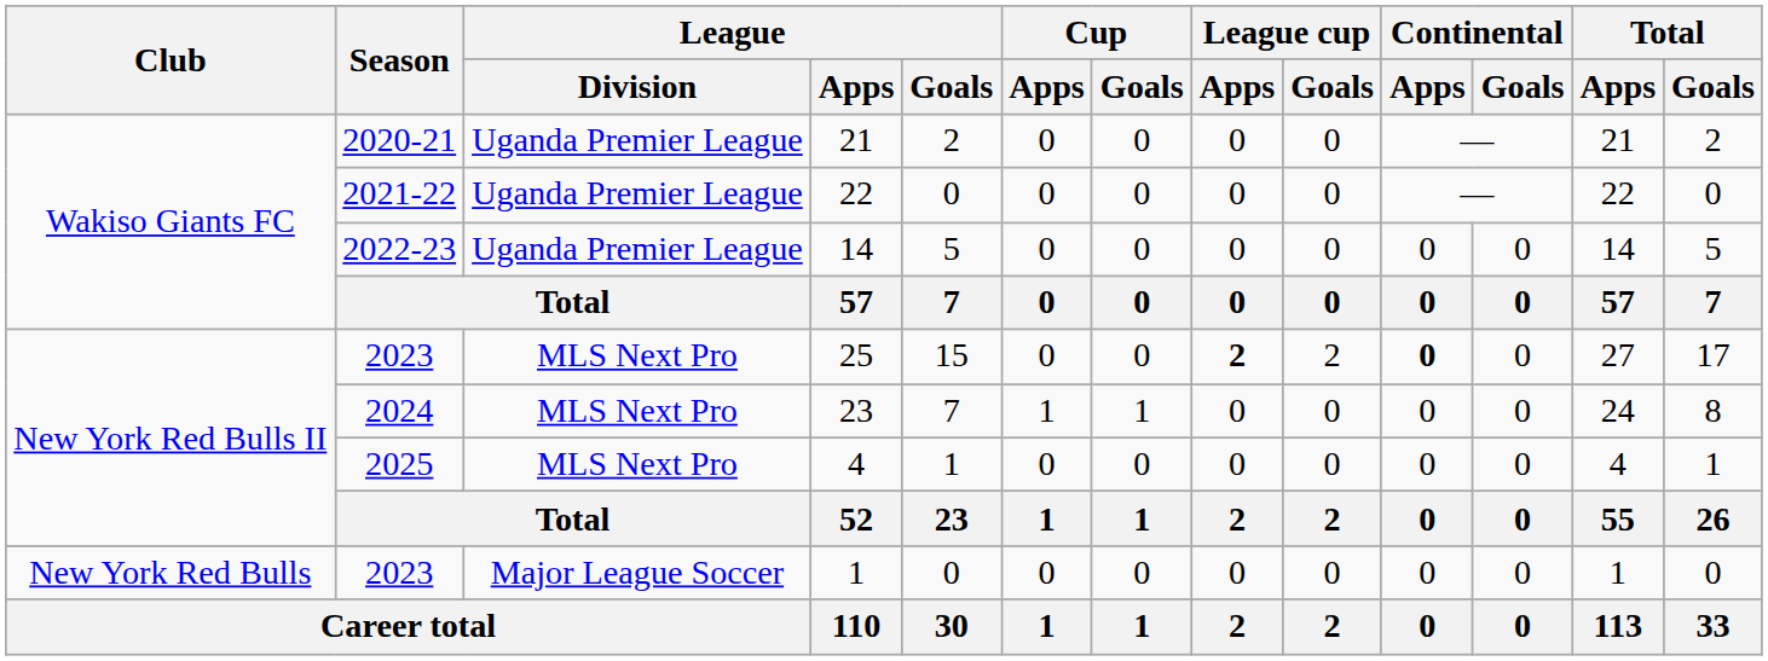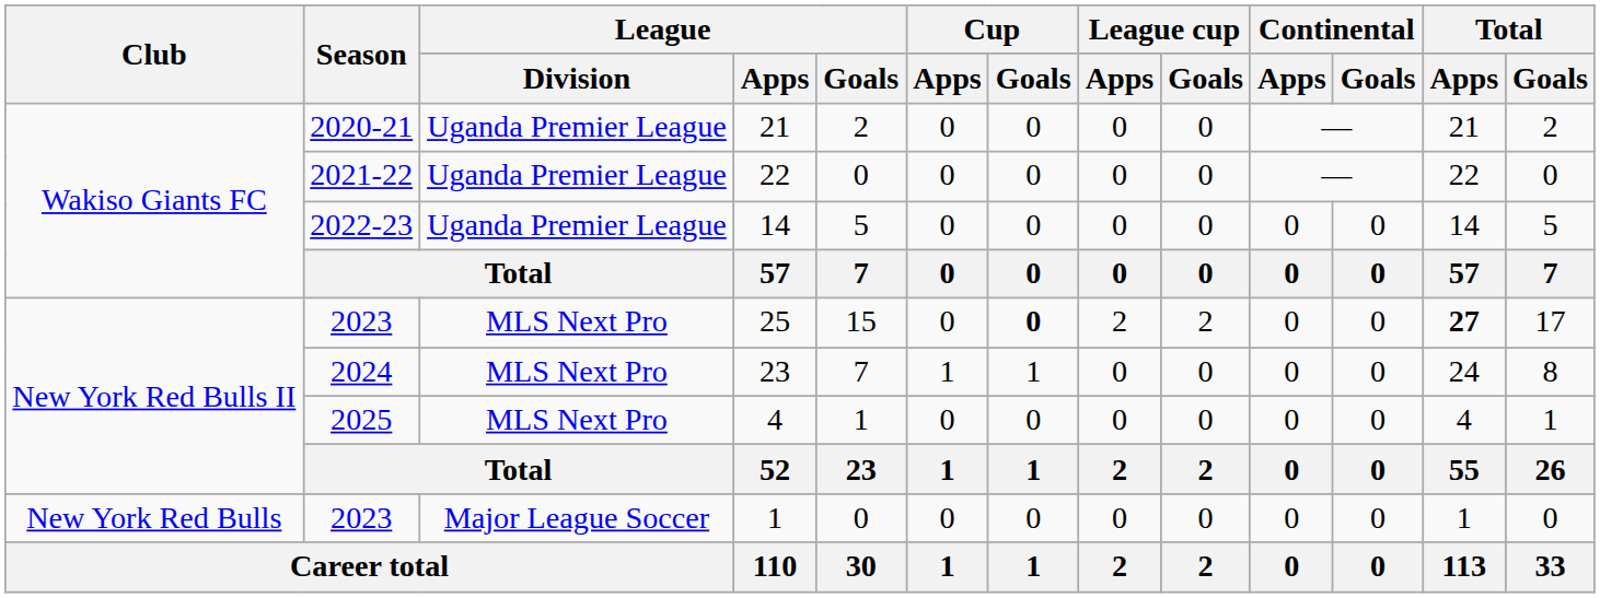 <table class=wikitable style=text-align:center>
 <tr>
 <th rowspan=2>Club</th>
 <th rowspan=2>Season</th>
 <th colspan=3>League</th>
 <th colspan=2>Cup</th>
 <th colspan=2>League cup</th>
 <th colspan=2>Continental</th>
 <th colspan=2>Total</th>
 </tr>
 <tr>
 <th>Division</th>
 <th>Apps</th>
 <th>Goals</th>
 <th>Apps</th>
 <th>Goals</th>
 <th>Apps</th>
 <th>Goals</th>
 <th>Apps</th>
 <th>Goals</th>
 <th>Apps</th>
 <th>Goals</th>
 </tr>
 <tr>
 <td rowspan=4><a href='#'>Wakiso Giants FC</a></td>
 <td><a href='#'>2020-21</a></td>
 <td><a href='#'>Uganda Premier League</a></td>
 <td>21</td>
 <td>2</td>
 <td>0</td>
 <td>0</td>
 <td>0</td>
 <td>0</td>
 <td colspan=2>—</td>
 <td>21</td>
 <td>2</td>
 </tr>
 <tr>
 <td><a href='#'>2021-22</a></td>
 <td><a href='#'>Uganda Premier League</a></td>
 <td>22</td>
 <td>0</td>
 <td>0</td>
 <td>0</td>
 <td>0</td>
 <td>0</td>
 <td colspan=2>—</td>
 <td>22</td>
 <td>0</td>
 </tr>
 <tr>
 <td><a href='#'>2022-23</a></td>
 <td><a href='#'>Uganda Premier League</a></td>
 <td>14</td>
 <td>5</td>
 <td>0</td>
 <td>0</td>
 <td>0</td>
 <td>0</td>
 <td>0</td>
 <td>0</td>
 <td>14</td>
 <td>5</td>
 </tr>
 <tr>
 <th colspan=2>Total</th>
 <th>57</th>
 <th>7</th>
 <th>0</th>
 <th>0</th>
 <th>0</th>
 <th>0</th>
 <th>0</th>
 <th>0</th>
 <th>57</th>
 <th>7</th>
 </tr>
 <tr>
 <td rowspan=4><a href='#'>New York Red Bulls II</a></td>
 <td><a href='#'>2023</a></td>
 <td><a href='#'>MLS Next Pro</a></td>
 <td>25</td>
 <td>15</td>
 <td>0</td>
+<td><strong>0</strong></td>
+<td>2</td>
+<td>2</td>
 <td>0</td>
-<td><strong>2</strong></td>
-<td>2</td>
-<td><strong>0</strong></td>
 <td>0</td>
-<td>27</td>
+<td><strong>27</strong></td>
 <td>17</td>
 </tr>
 <tr>
 <td><a href='#'>2024</a></td>
 <td><a href='#'>MLS Next Pro</a></td>
 <td>23</td>
 <td>7</td>
 <td>1</td>
 <td>1</td>
 <td>0</td>
 <td>0</td>
 <td>0</td>
 <td>0</td>
 <td>24</td>
 <td>8</td>
 </tr>
 <tr>
 <td><a href='#'>2025</a></td>
 <td><a href='#'>MLS Next Pro</a></td>
 <td>4</td>
 <td>1</td>
 <td>0</td>
 <td>0</td>
 <td>0</td>
 <td>0</td>
 <td>0</td>
 <td>0</td>
 <td>4</td>
 <td>1</td>
 </tr>
 <tr>
 <th colspan=2>Total</th>
 <th>52</th>
 <th>23</th>
 <th>1</th>
 <th>1</th>
 <th>2</th>
 <th>2</th>
 <th>0</th>
 <th>0</th>
 <th>55</th>
 <th>26</th>
 </tr>
 <tr>
 <td rowspan=1><a href='#'>New York Red Bulls</a></td>
 <td><a href='#'>2023</a></td>
 <td><a href='#'>Major League Soccer</a></td>
 <td>1</td>
 <td>0</td>
 <td>0</td>
 <td>0</td>
 <td>0</td>
 <td>0</td>
 <td>0</td>
 <td>0</td>
 <td>1</td>
 <td>0</td>
 </tr>
 <tr>
 <th colspan="3">Career total</th>
 <th>110</th>
 <th>30</th>
 <th>1</th>
 <th>1</th>
 <th>2</th>
 <th>2</th>
 <th>0</th>
 <th>0</th>
 <th>113</th>
 <th>33</th>
 </tr>
 </table>
